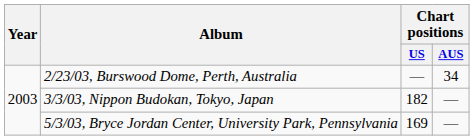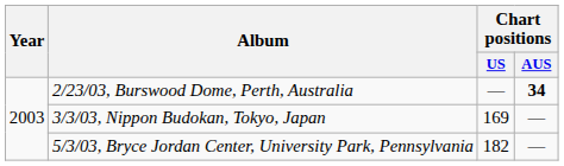 <table class="wikitable" border="1">
 <tr>
 <th rowspan="2">Year</th>
 <th rowspan="2">Album</th>
 <th colspan="2">Chart positions</th>
 </tr>
 <tr>
 <th style="width:2em;font-size:85%"><a href='#'>US</a><br></th>
 <th style="width:2.5em;font-size:85%"><a href='#'>AUS</a><br></th>
 </tr>
 <tr>
 <td rowspan="3">2003</td>
 <td align="left"><em>2/23/03, Burswood Dome, Perth, Australia</em></td>
 <td align="center">—</td>
-<td align="center">34</td>
+<td align="center"><strong>34</strong></td>
 </tr>
 <tr>
 <td align="left"><em>3/3/03, Nippon Budokan, Tokyo, Japan</em></td>
-<td align="center">182</td>
+<td align="center">169</td>
 <td align="center">—</td>
 </tr>
 <tr>
 <td align="left"><em>5/3/03, Bryce Jordan Center, University Park, Pennsylvania</em></td>
-<td align="center">169</td>
+<td align="center">182</td>
 <td align="center">—</td>
 </tr>
 </table>
